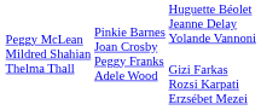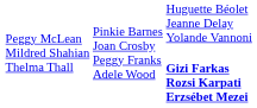 <table>
 <tr>
 <td rowspan=2></td>
 <td rowspan=2><br><a href='#'>Peggy McLean</a><br><a href='#'>Mildred Shahian</a><br><a href='#'>Thelma Thall</a></td>
 <td rowspan=2><br><a href='#'>Pinkie Barnes</a><br><a href='#'>Joan Crosby</a><br><a href='#'>Peggy Franks</a><br><a href='#'>Adele Wood</a></td>
 <td><br><a href='#'>Huguette Béolet</a><br><a href='#'>Jeanne Delay</a><br><a href='#'>Yolande Vannoni</a></td>
 </tr>
 <tr>
-<td><br><a href='#'>Gizi Farkas</a><br><a href='#'>Rozsi Karpati</a><br><a href='#'>Erzsébet Mezei</a></td>
+<td><strong><br><a href='#'>Gizi Farkas</a><br><a href='#'>Rozsi Karpati</a><br><a href='#'>Erzsébet Mezei</a></strong></td>
 </tr>
 </table>
